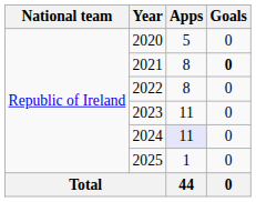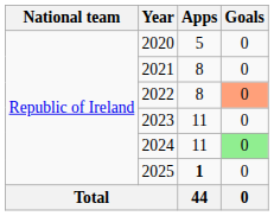 <table class="wikitable" style="text-align:center">
 <tr>
 <th>National team</th>
 <th>Year</th>
 <th>Apps</th>
 <th>Goals</th>
 </tr>
 <tr>
 <td rowspan="6"><a href='#'>Republic of Ireland</a></td>
 <td>2020</td>
 <td>5</td>
 <td>0</td>
 </tr>
 <tr>
 <td>2021</td>
 <td>8</td>
-<td><strong>0</strong></td>
+<td>0</td>
 </tr>
 <tr>
 <td>2022</td>
 <td>8</td>
-<td>0</td>
+<td style="background: lightsalmon;">0</td>
 </tr>
 <tr>
 <td>2023</td>
 <td>11</td>
 <td>0</td>
 </tr>
 <tr>
 <td>2024</td>
-<td style="background: lavender;">11</td>
-<td>0</td>
+<td>11</td>
+<td style="background: lightgreen;">0</td>
 </tr>
 <tr>
 <td>2025</td>
-<td>1</td>
+<td><strong>1</strong></td>
 <td>0</td>
 </tr>
 <tr>
 <th colspan="2">Total</th>
 <th>44</th>
 <th>0</th>
 </tr>
 </table>
